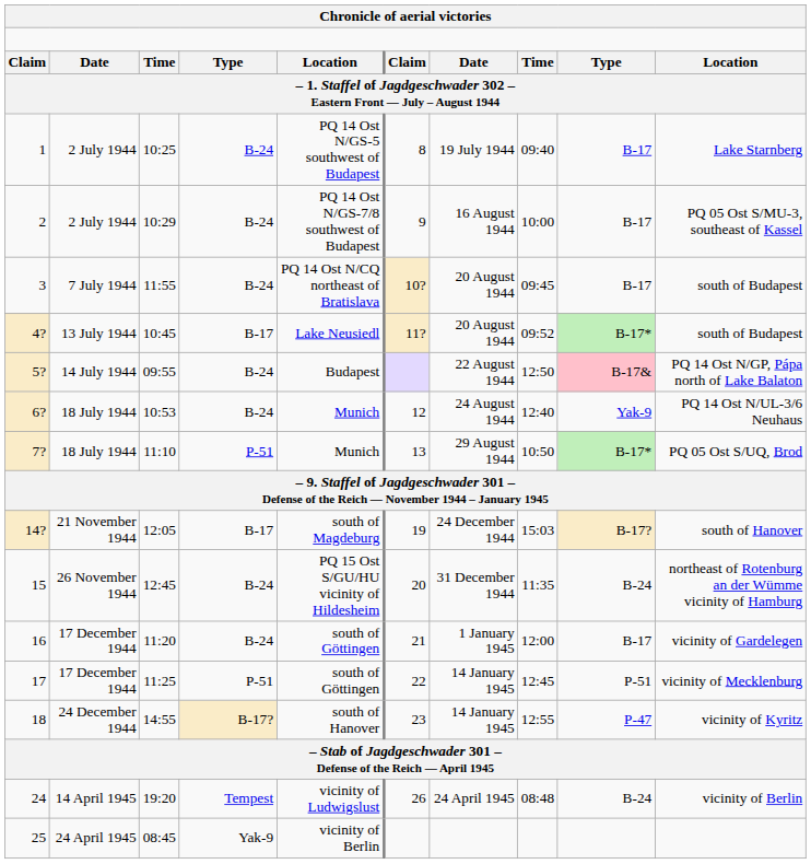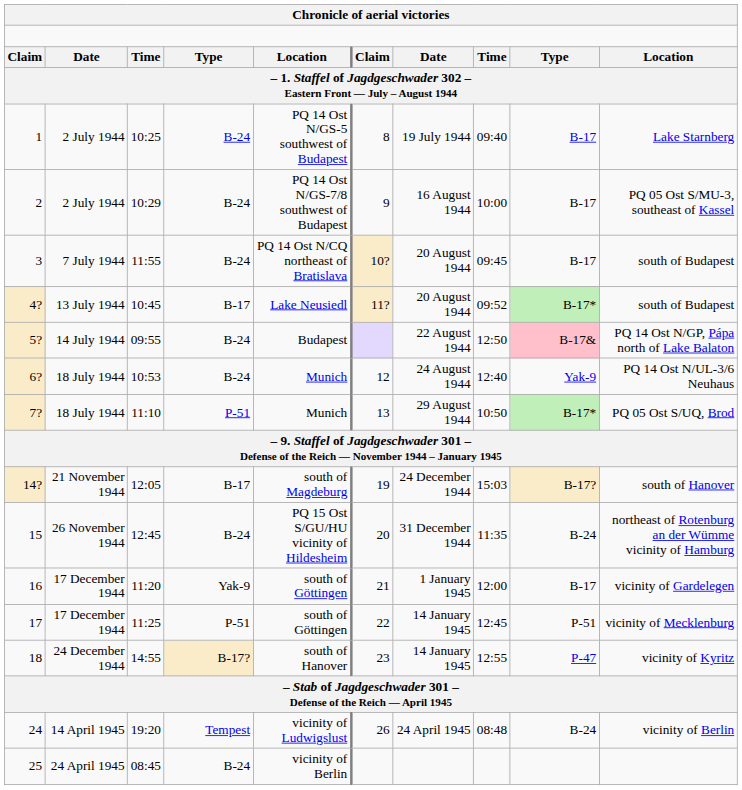 <table class="wikitable plainrowheaders collapsible" style="margin-left: auto; margin-right: auto; border: none; text-align:right; width: 100%;">
 <tr>
 <th colspan="10">Chronicle of aerial victories</th>
 </tr>
 <tr>
 <td colspan="10" style="text-align: left;"><br>   </td>
 </tr>
 <tr>
 <th scope="col">Claim</th>
 <th scope="col">Date</th>
 <th scope="col">Time</th>
 <th scope="col" width="100px">Type</th>
 <th scope="col">Location</th>
 <th scope="col" style="border-left: 3px solid grey;">Claim</th>
 <th scope="col">Date</th>
 <th scope="col">Time</th>
 <th scope="col" width="100px">Type</th>
 <th scope="col">Location</th>
 </tr>
 <tr>
 <th colspan="10">– 1. <em>Staffel</em> of <em>Jagdgeschwader</em> 302 –<br><small>Eastern Front — July – August 1944</small></th>
 </tr>
 <tr>
 <td>1</td>
 <td>2 July 1944</td>
 <td>10:25</td>
 <td><a href='#'>B-24</a></td>
 <td>PQ 14 Ost N/GS-5<br>southwest of <a href='#'>Budapest</a></td>
 <td style="border-left: 3px solid grey;">8</td>
 <td>19 July 1944</td>
 <td>09:40</td>
 <td><a href='#'>B-17</a></td>
 <td><a href='#'>Lake Starnberg</a></td>
 </tr>
 <tr>
 <td>2</td>
 <td>2 July 1944</td>
 <td>10:29</td>
 <td>B-24</td>
 <td>PQ 14 Ost N/GS-7/8<br>southwest of Budapest</td>
 <td style="border-left: 3px solid grey;">9</td>
 <td>16 August 1944</td>
 <td>10:00</td>
 <td>B-17</td>
 <td>PQ 05 Ost S/MU-3, southeast of <a href='#'>Kassel</a></td>
 </tr>
 <tr>
 <td>3</td>
 <td>7 July 1944</td>
 <td>11:55</td>
 <td>B-24</td>
 <td>PQ 14 Ost N/CQ<br>northeast of <a href='#'>Bratislava</a></td>
 <td style="border-left: 3px solid grey; background:#faecc8">10?</td>
 <td>20 August 1944</td>
 <td>09:45</td>
 <td>B-17</td>
 <td>south of Budapest</td>
 </tr>
 <tr>
 <td style="background:#faecc8">4?</td>
 <td>13 July 1944</td>
 <td>10:45</td>
 <td>B-17</td>
 <td><a href='#'>Lake Neusiedl</a></td>
 <td style="border-left: 3px solid grey; background:#faecc8">11?</td>
 <td>20 August 1944</td>
 <td>09:52</td>
 <td style="background:#C0EFBA">B-17*</td>
 <td>south of Budapest</td>
 </tr>
 <tr>
 <td style="background:#faecc8">5?</td>
 <td>14 July 1944</td>
 <td>09:55</td>
 <td>B-24</td>
 <td>Budapest</td>
 <td style="border-left: 3px solid grey; background:#e3d9ff;"></td>
 <td>22 August 1944</td>
 <td>12:50</td>
 <td style="background:pink;">B-17&</td>
 <td>PQ 14 Ost N/GP, <a href='#'>Pápa</a><br>north of <a href='#'>Lake Balaton</a></td>
 </tr>
 <tr>
 <td style="background:#faecc8">6?</td>
 <td>18 July 1944</td>
 <td>10:53</td>
 <td>B-24</td>
 <td><a href='#'>Munich</a></td>
 <td style="border-left: 3px solid grey;">12</td>
 <td>24 August 1944</td>
 <td>12:40</td>
 <td><a href='#'>Yak-9</a></td>
 <td>PQ 14 Ost N/UL-3/6<br>Neuhaus</td>
 </tr>
 <tr>
 <td style="background:#faecc8">7?</td>
 <td>18 July 1944</td>
 <td>11:10</td>
 <td><a href='#'>P-51</a></td>
 <td>Munich</td>
 <td style="border-left: 3px solid grey;">13</td>
 <td>29 August 1944</td>
 <td>10:50</td>
 <td style="background:#C0EFBA">B-17*</td>
 <td>PQ 05 Ost S/UQ, <a href='#'>Brod</a></td>
 </tr>
 <tr>
 <th colspan="10">– 9. <em>Staffel</em> of <em>Jagdgeschwader</em> 301 –<br><small>Defense of the Reich — November 1944 – January 1945</small></th>
 </tr>
 <tr>
 <td style="background:#faecc8">14?</td>
 <td>21 November 1944</td>
 <td>12:05</td>
 <td>B-17</td>
 <td>south of <a href='#'>Magdeburg</a></td>
 <td style="border-left: 3px solid grey;">19</td>
 <td>24 December 1944</td>
 <td>15:03</td>
 <td style="background:#faecc8">B-17?</td>
 <td>south of <a href='#'>Hanover</a></td>
 </tr>
 <tr>
 <td>15</td>
 <td>26 November 1944</td>
 <td>12:45</td>
 <td>B-24</td>
 <td>PQ 15 Ost S/GU/HU<br>vicinity of <a href='#'>Hildesheim</a></td>
 <td style="border-left: 3px solid grey;">20</td>
 <td>31 December 1944</td>
 <td>11:35</td>
 <td>B-24</td>
 <td>northeast of <a href='#'>Rotenburg an der Wümme</a><br>vicinity of <a href='#'>Hamburg</a></td>
 </tr>
 <tr>
 <td>16</td>
 <td>17 December 1944</td>
 <td>11:20</td>
-<td>B-24</td>
+<td>Yak-9</td>
 <td>south of <a href='#'>Göttingen</a></td>
 <td style="border-left: 3px solid grey;">21</td>
 <td>1 January 1945</td>
 <td>12:00</td>
 <td>B-17</td>
 <td>vicinity of <a href='#'>Gardelegen</a></td>
 </tr>
 <tr>
 <td>17</td>
 <td>17 December 1944</td>
 <td>11:25</td>
 <td>P-51</td>
 <td>south of Göttingen</td>
 <td style="border-left: 3px solid grey;">22</td>
 <td>14 January 1945</td>
 <td>12:45</td>
 <td>P-51</td>
 <td>vicinity of <a href='#'>Mecklenburg</a></td>
 </tr>
 <tr>
 <td>18</td>
 <td>24 December 1944</td>
 <td>14:55</td>
 <td style="background:#faecc8">B-17?</td>
 <td>south of Hanover</td>
 <td style="border-left: 3px solid grey;">23</td>
 <td>14 January 1945</td>
 <td>12:55</td>
 <td><a href='#'>P-47</a></td>
 <td>vicinity of <a href='#'>Kyritz</a></td>
 </tr>
 <tr>
 <th colspan="10">– <em>Stab</em> of <em>Jagdgeschwader</em> 301 –<br><small>Defense of the Reich — April 1945</small></th>
 </tr>
 <tr>
 <td>24</td>
 <td>14 April 1945</td>
 <td>19:20</td>
 <td><a href='#'>Tempest</a></td>
 <td>vicinity of <a href='#'>Ludwigslust</a></td>
 <td style="border-left: 3px solid grey;">26</td>
 <td>24 April 1945</td>
 <td>08:48</td>
 <td>B-24</td>
 <td>vicinity of <a href='#'>Berlin</a></td>
 </tr>
 <tr>
 <td>25</td>
 <td>24 April 1945</td>
 <td>08:45</td>
-<td>Yak-9</td>
+<td>B-24</td>
 <td>vicinity of Berlin</td>
 <td style="border-left: 3px solid grey;"></td>
 <td></td>
 <td></td>
 <td></td>
 <td></td>
 </tr>
 </table>
